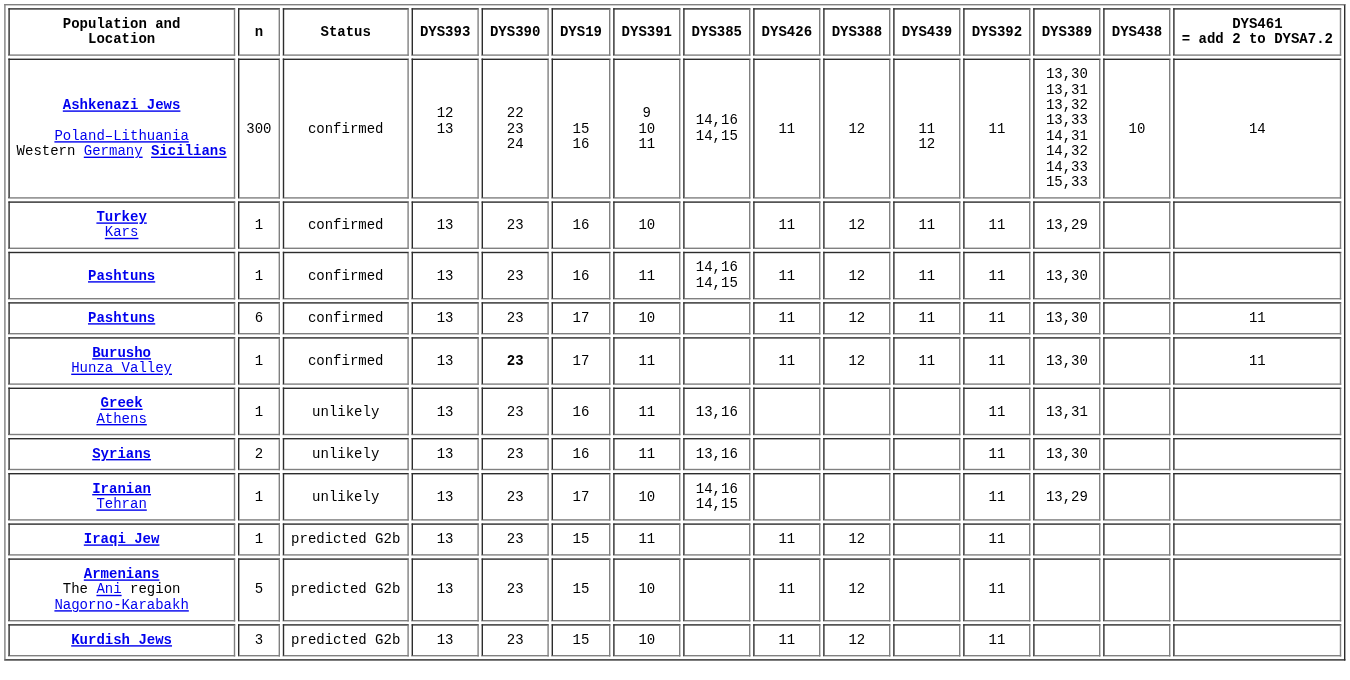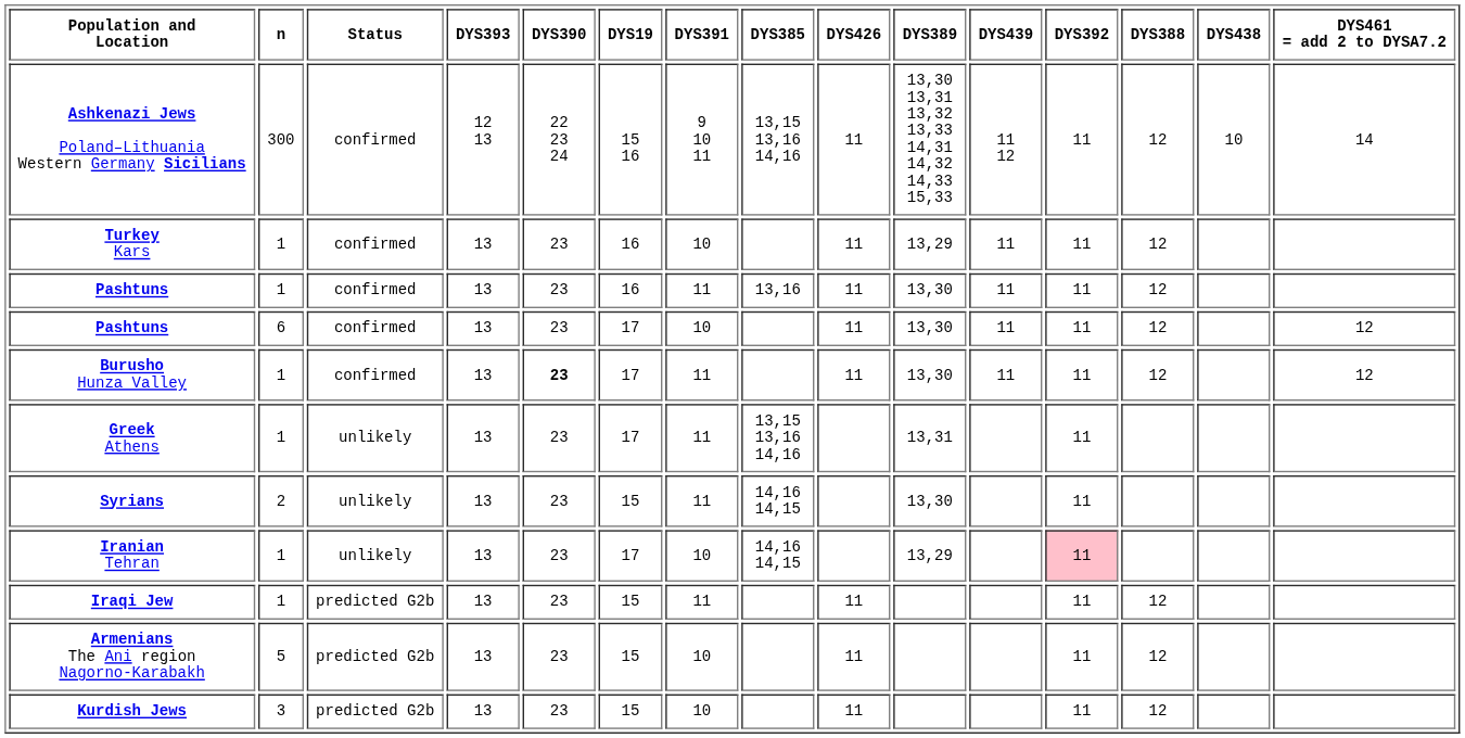 <table border="1" cellpadding="5" style="font-size:x-small" align="center">
 <tr>
 <th>Population and<br>Location</th>
 <th>n</th>
 <th>Status</th>
 <th>DYS393</th>
 <th>DYS390</th>
 <th>DYS19</th>
 <th>DYS391</th>
 <th>DYS385</th>
 <th>DYS426</th>
-<th>DYS388</th>
+<th>DYS389</th>
 <th>DYS439</th>
 <th>DYS392</th>
-<th>DYS389</th>
+<th>DYS388</th>
 <th>DYS438</th>
 <th>DYS461<br>= add 2 to DYSA7.2</th>
 </tr>
 <tr align="center">
 <td><strong><a href='#'>Ashkenazi Jews</a></strong><br><br><a href='#'>Poland–Lithuania</a><br> Western <a href='#'>Germany</a> <strong><a href='#'>Sicilians</a></strong></td>
 <td>300</td>
 <td>confirmed</td>
 <td><span>12</span><br>13<br> </td>
 <td><span>22</span><br>23<br><span>24</span></td>
 <td> <br>15<br><span>16</span></td>
 <td><span>9</span><br>10<br><span>11</span></td>
-<td><span>14</span>,16<br><span>14,15</span></td>
+<td>13,<span>15</span><br>13,16<br><span>14</span>,16</td>
+<td>11</td>
+<td>13,30<br>13,31<br><span>13,32</span><br><span>13,33</span><br>14,31<br>14,32<br><span>14,33</span><br><span>15,33</span></td>
+<td> <br>11<br><span>12</span></td>
 <td>11</td>
 <td>12</td>
-<td> <br>11<br><span>12</span></td>
-<td>11</td>
-<td>13,30<br>13,31<br><span>13,32</span><br><span>13,33</span><br>14,31<br>14,32<br><span>14,33</span><br><span>15,33</span></td>
 <td>10</td>
 <td>14</td>
 </tr>
 <tr align="center">
 <td><strong><a href='#'>Turkey</a></strong><br><a href='#'>Kars</a></td>
 <td>1</td>
 <td>confirmed</td>
 <td>13</td>
 <td>23</td>
 <td><span>16</span></td>
 <td>10</td>
 <td></td>
 <td>11</td>
-<td>12</td>
+<td>13,<span>29</span></td>
 <td>11</td>
 <td>11</td>
-<td>13,<span>29</span></td>
+<td>12</td>
 <td></td>
 <td></td>
 </tr>
 <tr align="center">
 <td><strong><a href='#'>Pashtuns</a></strong></td>
 <td>1</td>
 <td>confirmed</td>
 <td>13</td>
 <td>23</td>
 <td><span>16</span></td>
 <td><span>11</span></td>
-<td><span>14</span>,16<br><span>14,15</span></td>
+<td>13,16</td>
+<td>11</td>
+<td>13,30</td>
+<td>11</td>
 <td>11</td>
 <td>12</td>
-<td>11</td>
-<td>11</td>
-<td>13,30</td>
 <td></td>
 <td></td>
 </tr>
 <tr align="center">
 <td><strong><a href='#'>Pashtuns</a></strong></td>
 <td>6</td>
 <td>confirmed</td>
 <td>13</td>
 <td>23</td>
 <td><span>17</span></td>
 <td>10</td>
 <td></td>
 <td>11</td>
-<td>12</td>
+<td>13,30</td>
 <td>11</td>
 <td>11</td>
-<td>13,30</td>
+<td>12</td>
 <td></td>
-<td>11</td>
+<td>12</td>
 </tr>
 <tr align="center">
 <td><strong><a href='#'>Burusho</a></strong><br><a href='#'>Hunza Valley</a></td>
 <td>1</td>
 <td>confirmed</td>
 <td>13</td>
 <td><strong>23</strong></td>
 <td><span>17</span></td>
 <td><span>11</span></td>
 <td></td>
 <td>11</td>
-<td>12</td>
+<td>13,30</td>
 <td>11</td>
 <td>11</td>
-<td>13,30</td>
+<td>12</td>
 <td></td>
-<td>11</td>
+<td>12</td>
 </tr>
 <tr align="center">
 <td><strong><a href='#'>Greek</a></strong><br><a href='#'>Athens</a></td>
 <td>1</td>
 <td>unlikely</td>
 <td>13</td>
 <td>23</td>
-<td><span>16</span></td>
+<td><span>17</span></td>
 <td><span>11</span></td>
-<td>13,16</td>
+<td>13,<span>15</span><br>13,16<br><span>14</span>,16</td>
 <td></td>
-<td></td>
+<td>13,31</td>
 <td></td>
 <td>11</td>
-<td>13,31</td>
+<td></td>
 <td></td>
 <td></td>
 </tr>
 <tr align="center">
 <td><strong><a href='#'>Syrians</a></strong></td>
 <td>2</td>
 <td>unlikely</td>
 <td>13</td>
 <td>23</td>
-<td><span>16</span></td>
+<td><span>15</span></td>
 <td><span>11</span></td>
-<td>13,16</td>
+<td><span>14</span>,16<br><span>14,15</span></td>
 <td></td>
-<td></td>
+<td>13,30</td>
 <td></td>
 <td>11</td>
-<td>13,30</td>
+<td></td>
 <td></td>
 <td></td>
 </tr>
 <tr align="center">
 <td><strong><a href='#'>Iranian</a></strong><br><a href='#'>Tehran</a></td>
 <td>1</td>
 <td>unlikely</td>
 <td>13</td>
 <td>23</td>
 <td><span>17</span></td>
 <td>10</td>
 <td><span>14</span>,16<br><span>14,15</span></td>
 <td></td>
+<td>13,<span>29</span></td>
 <td></td>
+<td style="background: pink;">11</td>
 <td></td>
-<td>11</td>
-<td>13,<span>29</span></td>
 <td></td>
 <td></td>
 </tr>
 <tr align="center">
 <td><strong><a href='#'>Iraqi Jew</a></strong></td>
 <td>1</td>
 <td>predicted G2b</td>
 <td>13</td>
 <td>23</td>
 <td>15</td>
 <td><span>11</span></td>
 <td></td>
 <td>11</td>
-<td>12</td>
+<td></td>
 <td></td>
 <td>11</td>
-<td></td>
+<td>12</td>
 <td></td>
 <td></td>
 </tr>
 <tr align="center">
 <td><strong><a href='#'>Armenians</a></strong><br>The <a href='#'>Ani</a> region<br><a href='#'>Nagorno-Karabakh</a></td>
 <td>5</td>
 <td>predicted G2b</td>
 <td>13</td>
 <td>23</td>
 <td>15</td>
 <td>10</td>
 <td></td>
 <td>11</td>
-<td>12</td>
+<td></td>
 <td></td>
 <td>11</td>
-<td></td>
+<td>12</td>
 <td></td>
 <td></td>
 </tr>
 <tr align="center">
 <td><strong><a href='#'>Kurdish Jews</a></strong></td>
 <td>3</td>
 <td>predicted G2b</td>
 <td>13</td>
 <td>23</td>
 <td>15</td>
 <td>10</td>
 <td></td>
 <td>11</td>
-<td>12</td>
+<td></td>
 <td></td>
 <td>11</td>
-<td></td>
+<td>12</td>
 <td></td>
 <td></td>
 </tr>
 </table>
